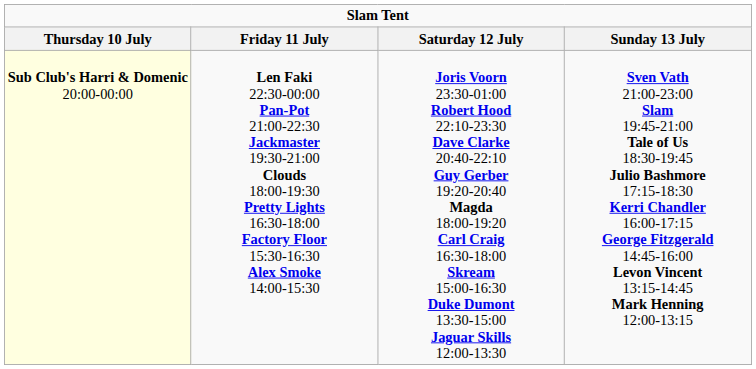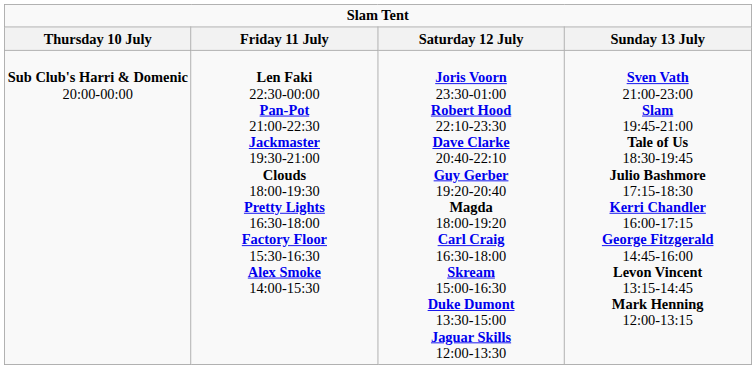 <table class="wikitable">
 <tr>
 <td colspan="4" style="text-align:center;"><strong>Slam Tent</strong></td>
 </tr>
 <tr>
 <th>Thursday 10 July</th>
 <th>Friday 11 July</th>
 <th>Saturday 12 July</th>
 <th>Sunday 13 July</th>
 </tr>
 <tr>
-<td style="background: lightyellow; text-align:center; vertical-align:top; width:200px;"><br><strong>Sub Club's Harri & Domenic</strong> <br> 20:00-00:00</td>
+<td style="text-align:center; vertical-align:top; width:200px;"><br><strong>Sub Club's Harri & Domenic</strong> <br> 20:00-00:00</td>
 <td style="text-align:center; vertical-align:top; width:200px;"><br><strong>Len Faki</strong> <br> 22:30-00:00 <br> <strong><a href='#'>Pan-Pot</a></strong> <br> 21:00-22:30 <br> <strong><a href='#'>Jackmaster</a></strong> <br> 19:30-21:00 <br> <strong>Clouds</strong> <br> 18:00-19:30 <br> <strong><a href='#'>Pretty Lights</a></strong> <br> 16:30-18:00 <br> <strong><a href='#'>Factory Floor</a></strong> <br> 15:30-16:30 <br> <strong><a href='#'>Alex Smoke</a></strong> <br> 14:00-15:30</td>
 <td style="text-align:center; vertical-align:top; width:200px;"><br><strong><a href='#'>Joris Voorn</a></strong> <br> 23:30-01:00 <br> <strong><a href='#'>Robert Hood</a></strong> <br> 22:10-23:30 <br> <strong><a href='#'>Dave Clarke</a></strong> <br> 20:40-22:10 <br> <strong><a href='#'>Guy Gerber</a></strong> <br> 19:20-20:40 <br> <strong>Magda</strong> <br> 18:00-19:20 <br> <strong><a href='#'>Carl Craig</a></strong> <br> 16:30-18:00 <br> <strong><a href='#'>Skream</a></strong> <br> 15:00-16:30 <br> <strong><a href='#'>Duke Dumont</a></strong> <br> 13:30-15:00 <br> <strong><a href='#'>Jaguar Skills</a></strong> <br> 12:00-13:30</td>
 <td style="text-align:center; vertical-align:top; width:200px;"><br><strong><a href='#'>Sven Vath</a></strong> <br> 21:00-23:00 <br> <strong><a href='#'>Slam</a></strong> <br> 19:45-21:00 <br> <strong>Tale of Us</strong> <br> 18:30-19:45 <br> <strong>Julio Bashmore</strong> <br> 17:15-18:30 <br> <strong><a href='#'>Kerri Chandler</a></strong> <br> 16:00-17:15 <br> <strong><a href='#'>George Fitzgerald</a></strong> <br> 14:45-16:00 <br> <strong>Levon Vincent</strong> <br> 13:15-14:45 <br> <strong>Mark Henning</strong> <br> 12:00-13:15</td>
 </tr>
 </table>
